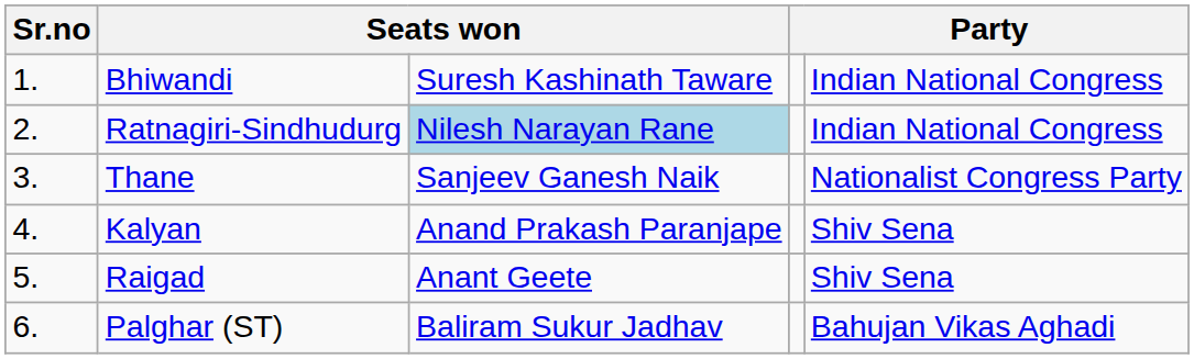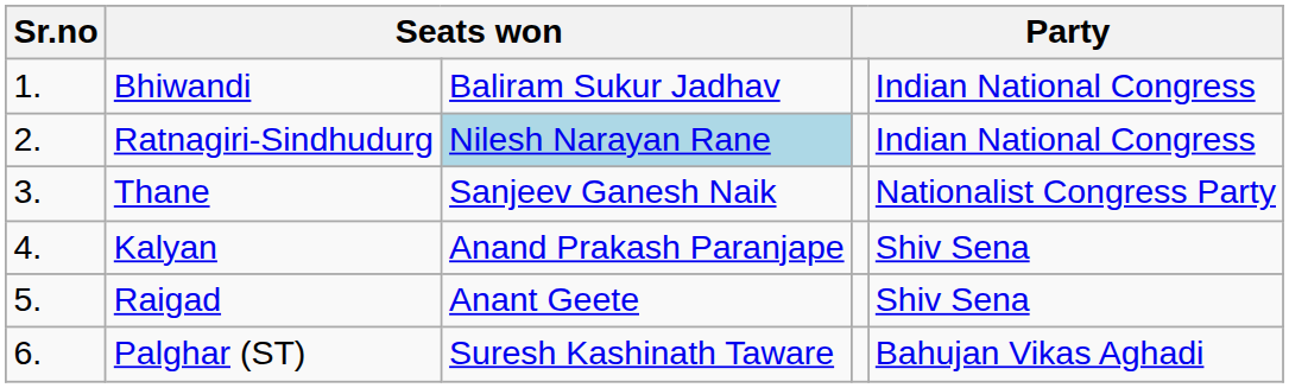 <table class="wikitable">
 <tr>
 <th>Sr.no</th>
 <th colspan="2">Seats won</th>
 <th colspan="2">Party</th>
 </tr>
 <tr>
 <td>1.</td>
 <td><a href='#'>Bhiwandi</a></td>
-<td><a href='#'>Suresh Kashinath Taware</a></td>
+<td><a href='#'>Baliram Sukur Jadhav</a></td>
 <td style="background-color: "></td>
 <td><a href='#'>Indian National Congress</a></td>
 </tr>
 <tr>
 <td>2.</td>
 <td><a href='#'>Ratnagiri-Sindhudurg</a></td>
 <td style="background: lightblue;"><a href='#'>Nilesh Narayan Rane</a></td>
 <td style="background-color: "></td>
 <td><a href='#'>Indian National Congress</a></td>
 </tr>
 <tr>
 <td>3.</td>
 <td><a href='#'>Thane</a></td>
 <td><a href='#'>Sanjeev Ganesh Naik</a></td>
 <td style="background-color: "></td>
 <td><a href='#'>Nationalist Congress Party</a></td>
 </tr>
 <tr>
 <td>4.</td>
 <td><a href='#'>Kalyan</a></td>
 <td><a href='#'>Anand Prakash Paranjape</a></td>
 <td style="background-color: "></td>
 <td><a href='#'>Shiv Sena</a></td>
 </tr>
 <tr>
 <td>5.</td>
 <td><a href='#'>Raigad</a></td>
 <td><a href='#'>Anant Geete</a></td>
 <td style="background-color: "></td>
 <td><a href='#'>Shiv Sena</a></td>
 </tr>
 <tr>
 <td>6.</td>
 <td><a href='#'>Palghar</a> (ST)</td>
-<td><a href='#'>Baliram Sukur Jadhav</a></td>
+<td><a href='#'>Suresh Kashinath Taware</a></td>
 <td></td>
 <td><a href='#'>Bahujan Vikas Aghadi</a></td>
 </tr>
 </table>
